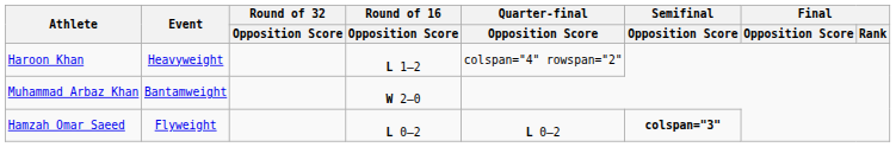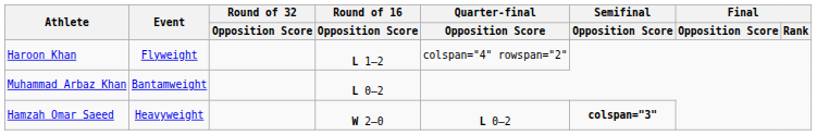 <table class="wikitable" style="text-align:center; font-size:90%">
 <tr>
 <th rowspan="2">Athlete</th>
 <th rowspan="2">Event</th>
 <th>Round of 32</th>
 <th>Round of 16</th>
 <th>Quarter-final</th>
 <th>Semifinal</th>
 <th colspan="2">Final</th>
 </tr>
 <tr>
 <th>Opposition Score</th>
 <th>Opposition Score</th>
 <th>Opposition Score</th>
 <th>Opposition Score</th>
 <th>Opposition Score</th>
 <th>Rank</th>
 </tr>
 <tr>
 <td style="text-align:left"><a href='#'>Haroon Khan</a></td>
-<td><a href='#'>Heavyweight</a></td>
+<td><a href='#'>Flyweight</a></td>
 <td></td>
 <td><br><strong>L</strong> 1–2</td>
 <td>colspan="4" rowspan="2"</td>
 </tr>
 <tr>
 <td style="text-align:left"><a href='#'>Muhammad Arbaz Khan</a></td>
 <td><a href='#'>Bantamweight</a></td>
 <td></td>
-<td><br><strong>W</strong> 2–0</td>
+<td><br><strong>L</strong> 0–2</td>
 </tr>
 <tr>
 <td style="text-align:left"><a href='#'>Hamzah Omar Saeed</a></td>
-<td><a href='#'>Flyweight</a></td>
+<td><a href='#'>Heavyweight</a></td>
 <td></td>
-<td><br><strong>L</strong> 0–2</td>
+<td><br><strong>W</strong> 2–0</td>
 <td><br><strong>L</strong> 0–2</td>
 <td><strong>colspan="3" </strong></td>
 </tr>
 </table>
